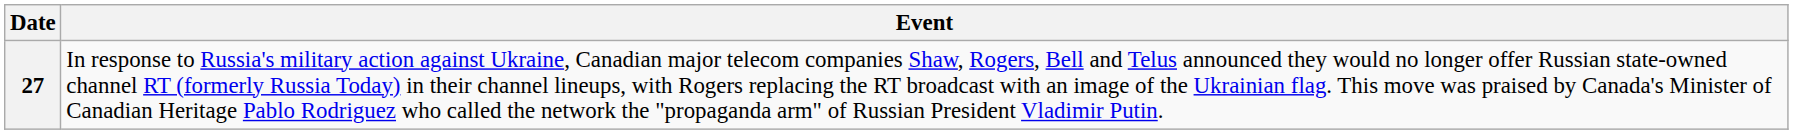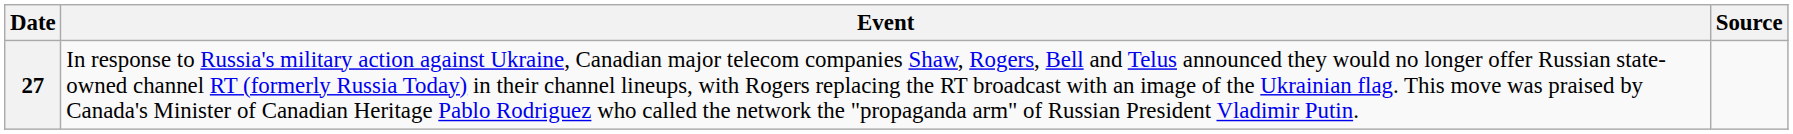 <table class="wikitable">
 <tr>
 <th>Date</th>
 <th>Event</th>
+<th>Source</th>
 </tr>
 <tr>
 <th>27</th>
 <td>In response to <a href='#'>Russia's military action against Ukraine</a>, Canadian major telecom companies <a href='#'>Shaw</a>, <a href='#'>Rogers</a>, <a href='#'>Bell</a> and <a href='#'>Telus</a> announced they would no longer offer Russian state-owned channel <a href='#'>RT (formerly Russia Today)</a> in their channel lineups, with Rogers replacing the RT broadcast with an image of the <a href='#'>Ukrainian flag</a>. This move was praised by Canada's Minister of Canadian Heritage <a href='#'>Pablo Rodriguez</a> who called the network the "propaganda arm" of Russian President <a href='#'>Vladimir Putin</a>.</td>
+<td></td>
 </tr>
 </table>
